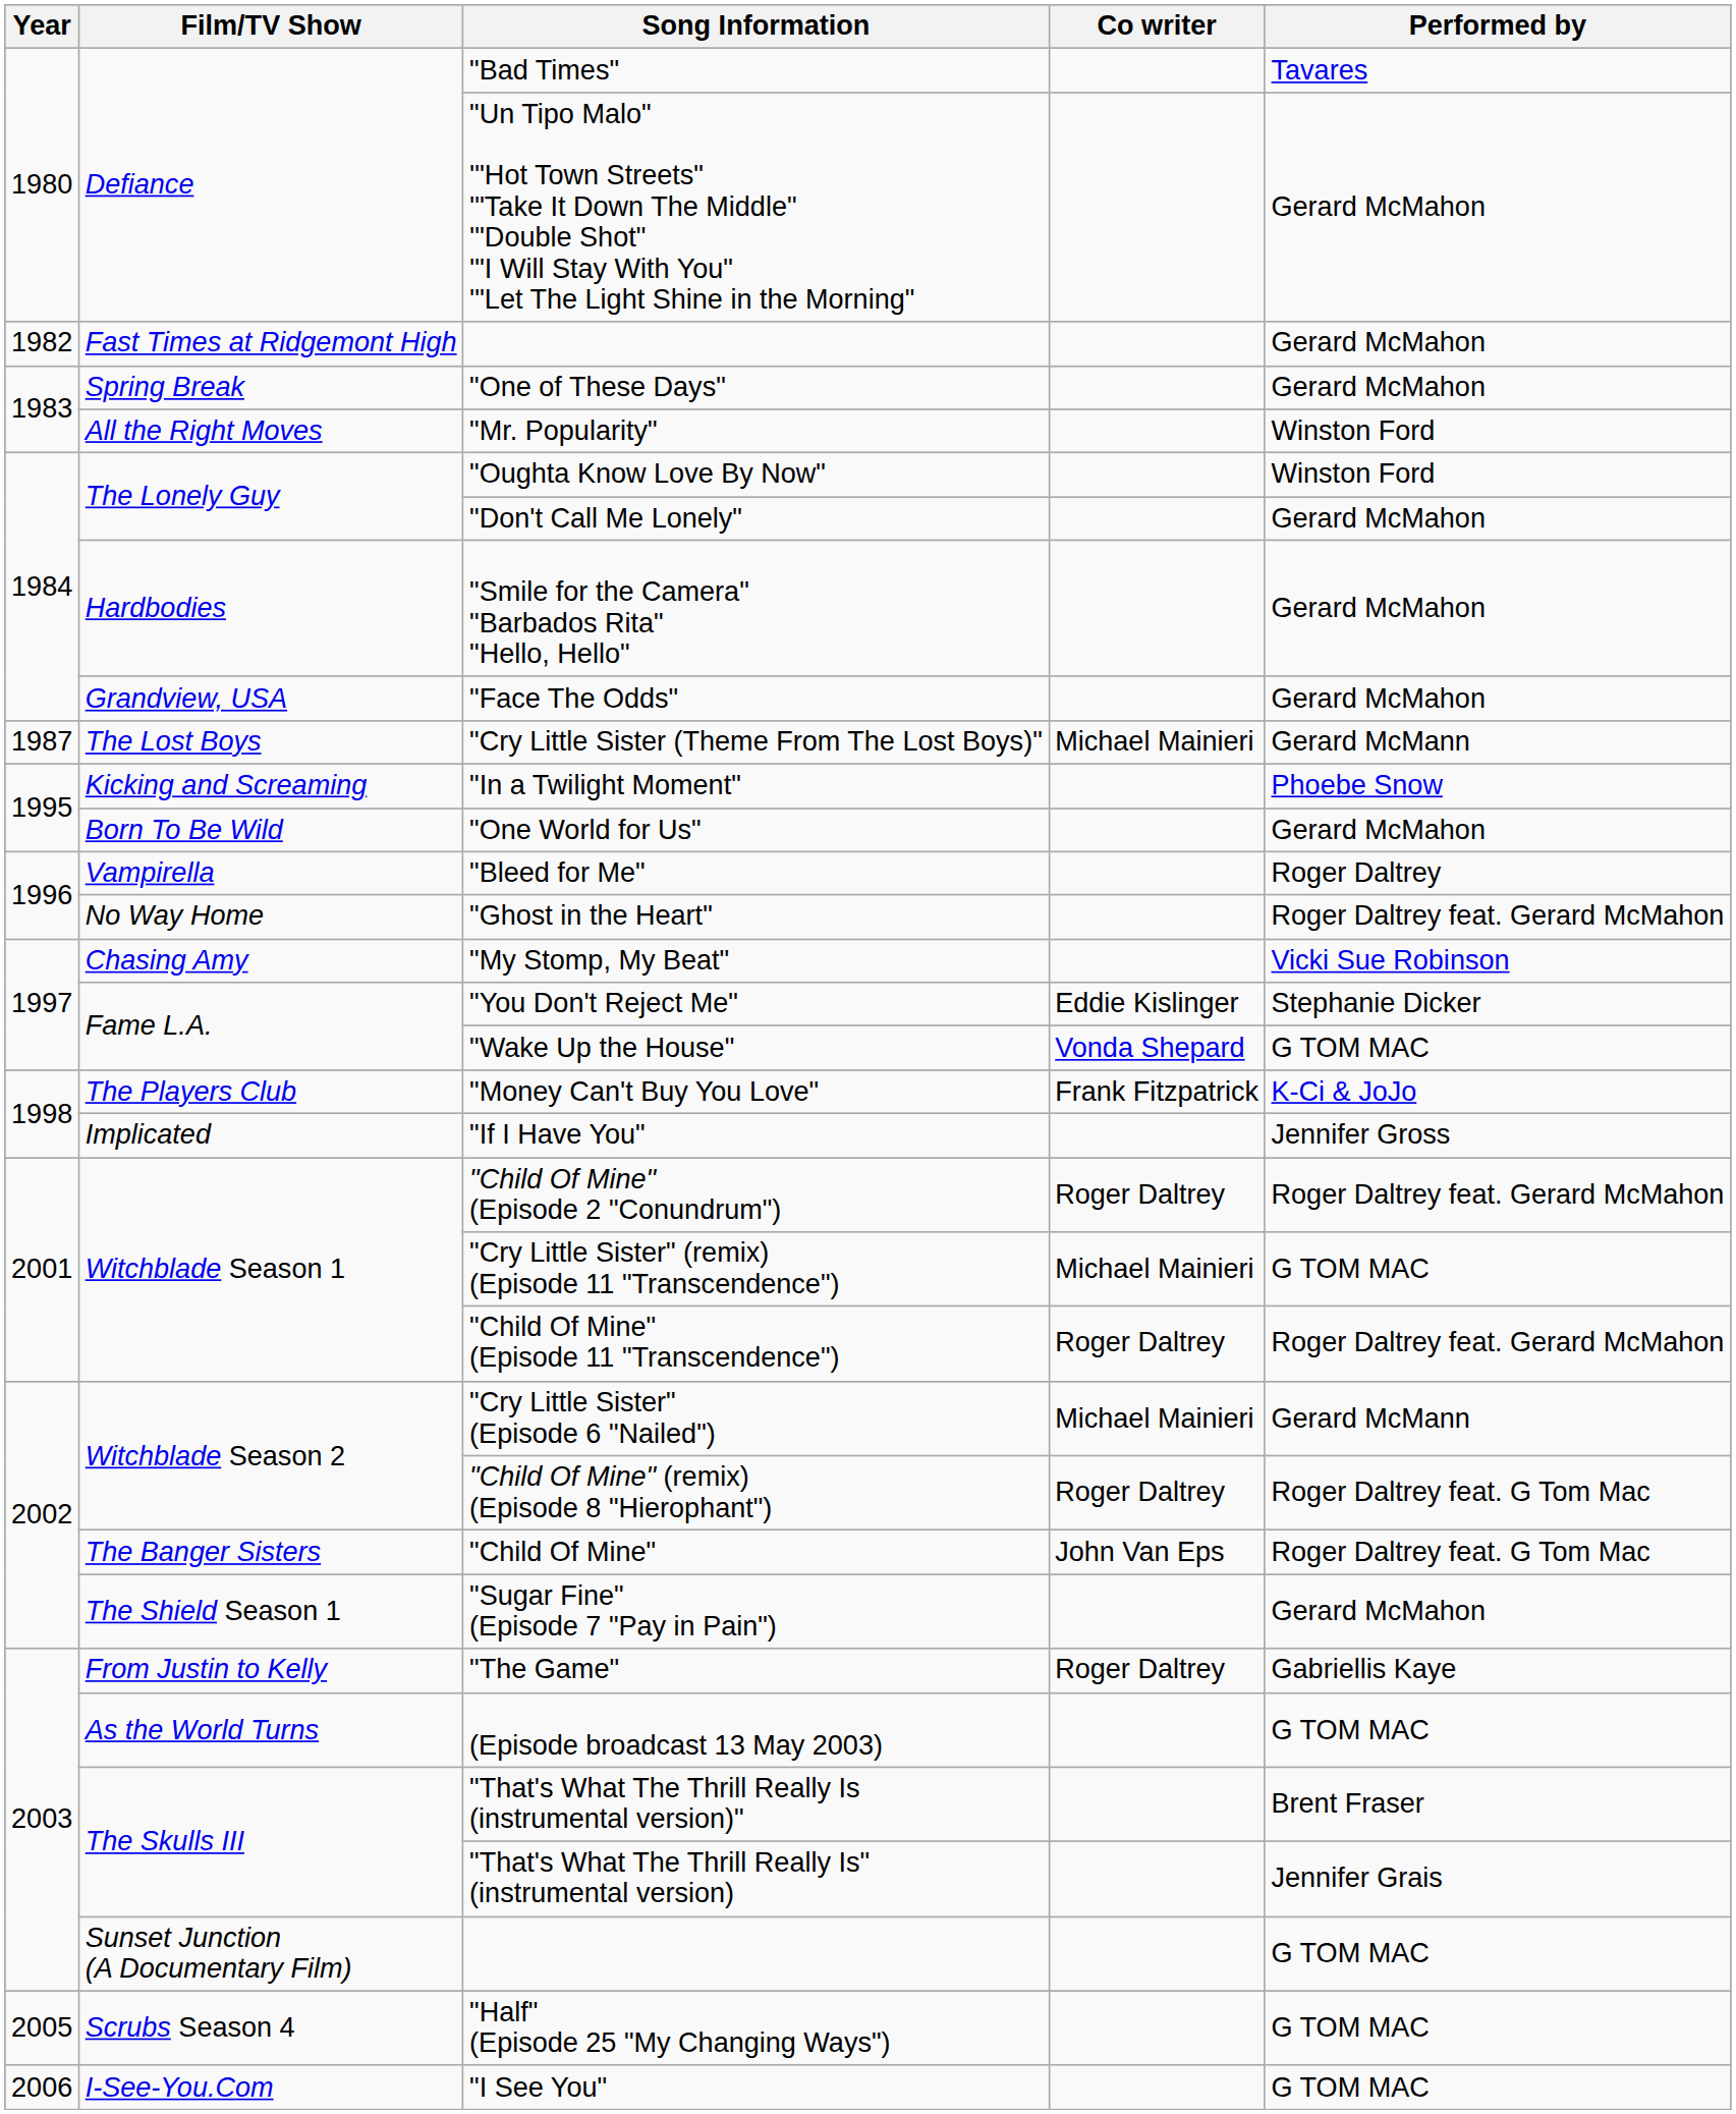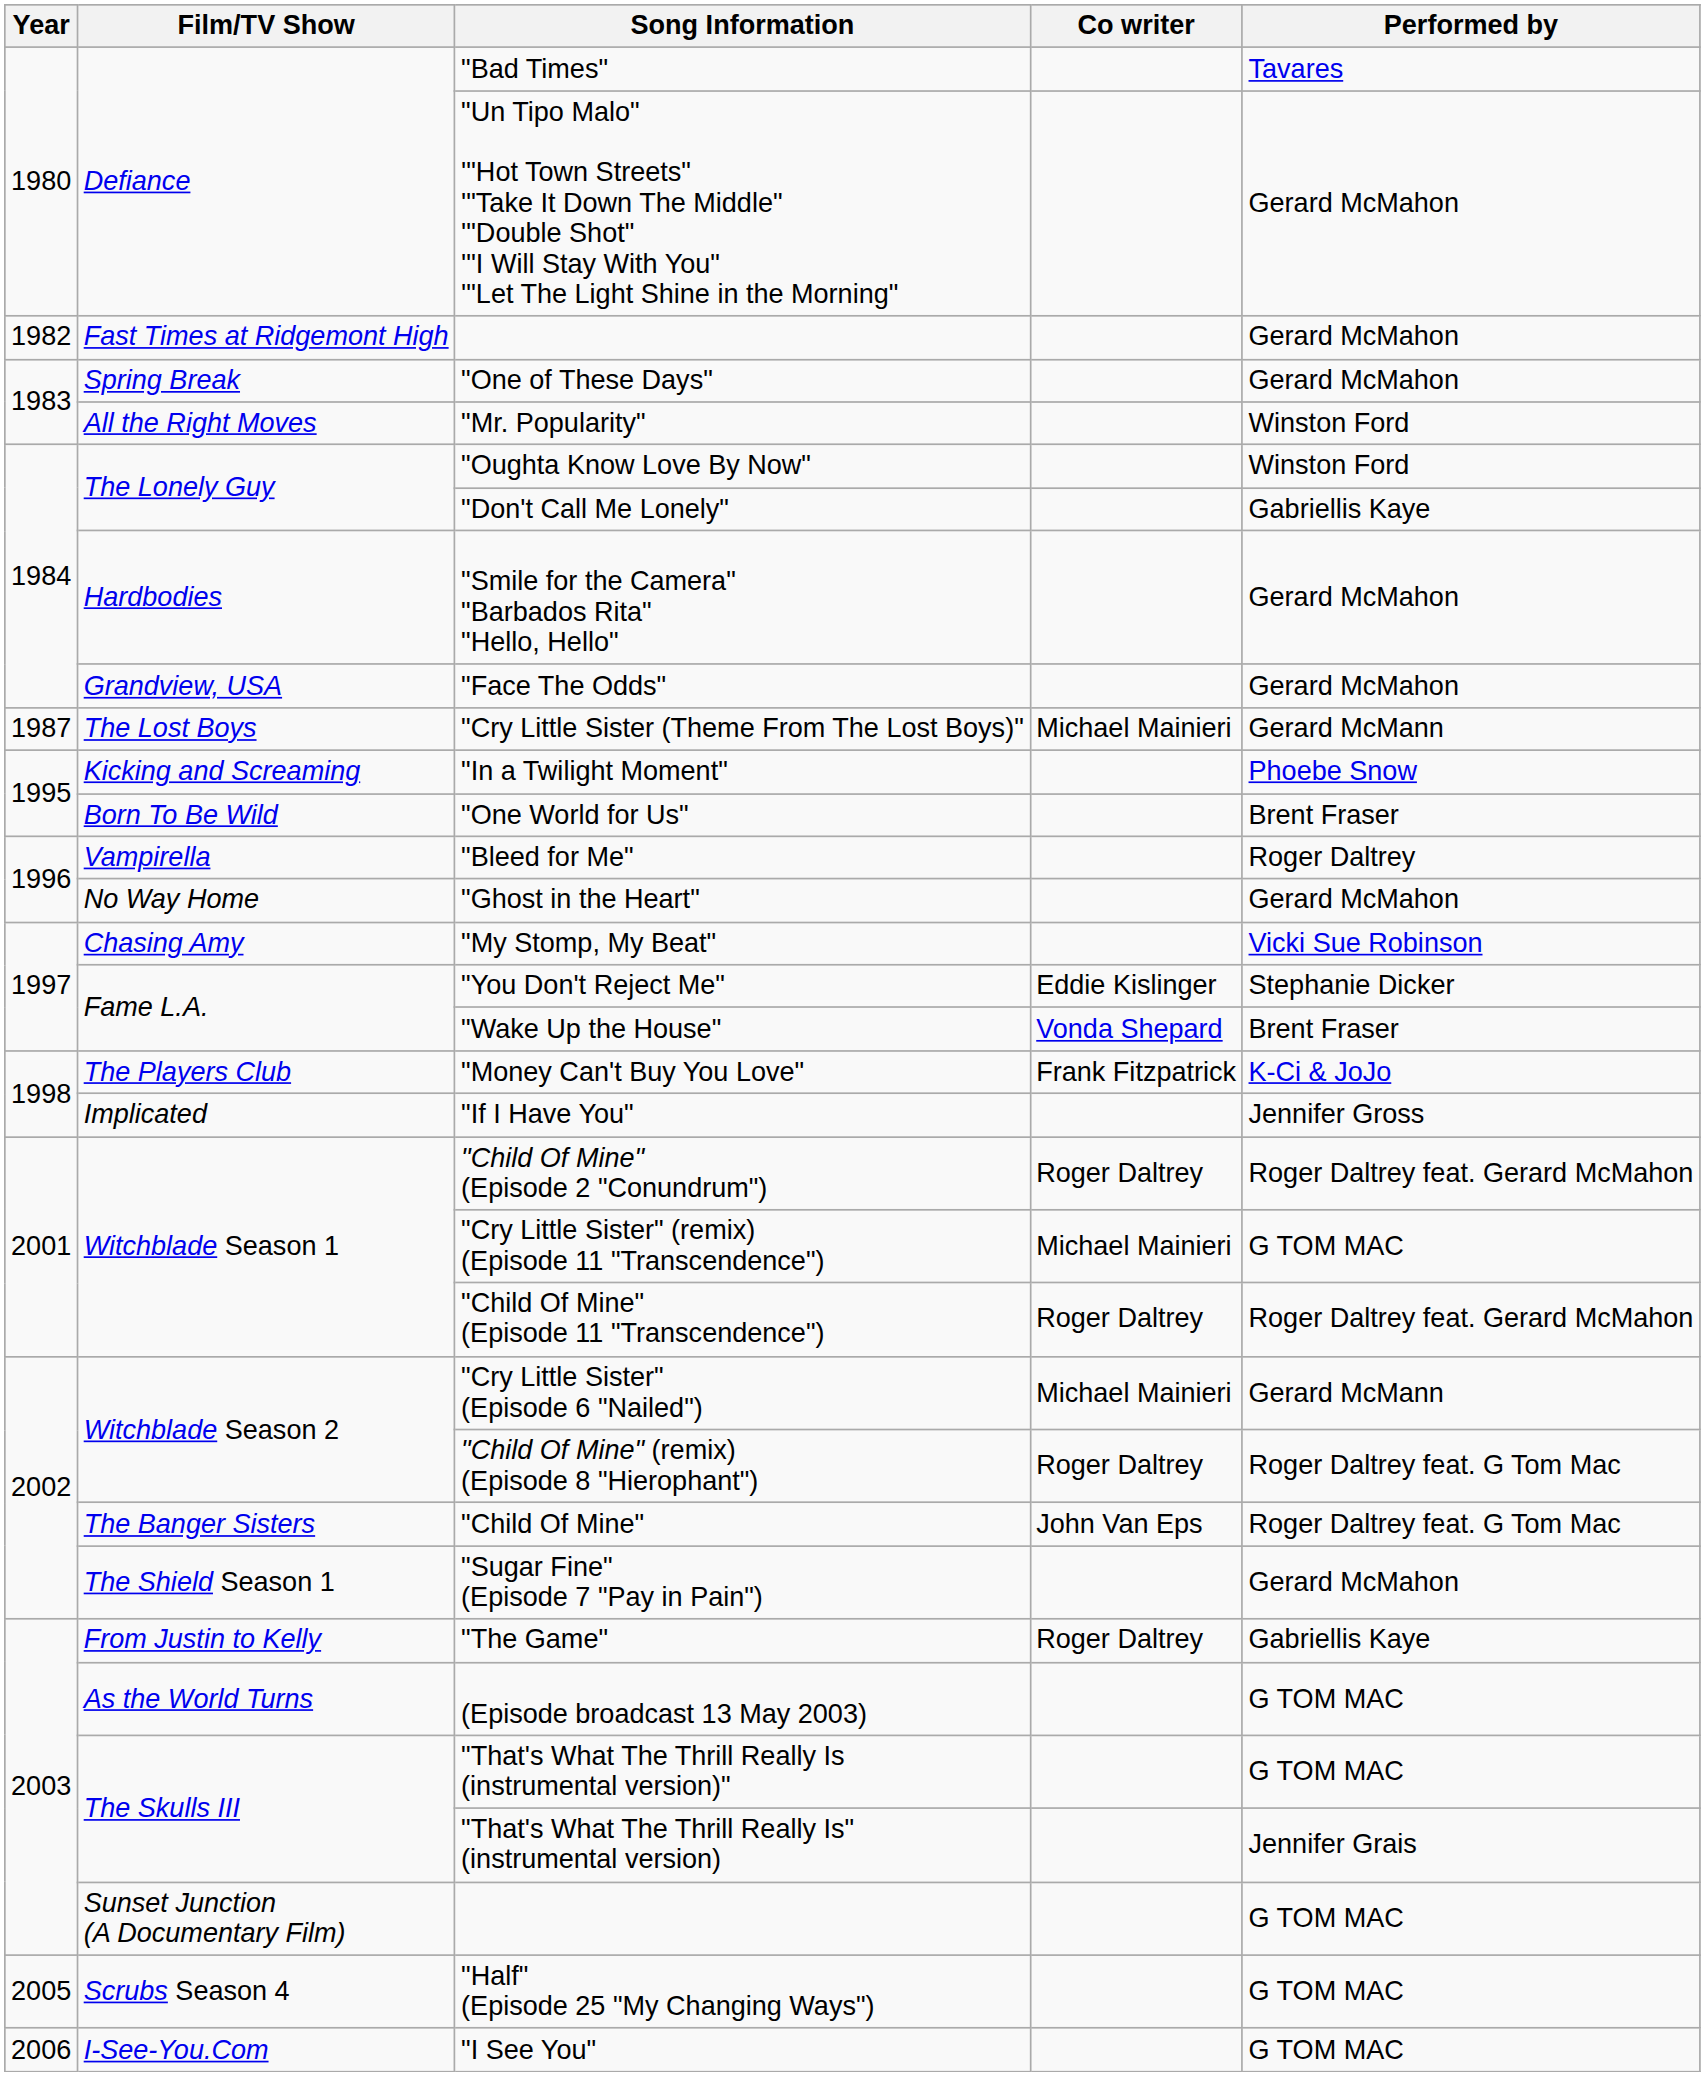 <table class="wikitable">
 <tr>
 <th rowspan="1">Year</th>
 <th rowspan="1">Film/TV Show</th>
 <th rowspan="1">Song Information</th>
 <th rowspan="1">Co writer</th>
 <th rowspan="1">Performed by</th>
 </tr>
 <tr>
 <td rowspan="2">1980</td>
 <td rowspan="2"><em><a href='#'>Defiance</a></em></td>
 <td>"Bad Times"</td>
 <td></td>
 <td><a href='#'>Tavares</a></td>
 </tr>
 <tr>
 <td>"Un Tipo Malo"<br><br>'"Hot Town Streets" <br>  '"Take It Down The Middle" <br>  '"Double Shot" <br>  '"I Will Stay With You"<br>   '"Let The Light Shine in the Morning"<br></td>
 <td></td>
 <td>Gerard McMahon</td>
 </tr>
 <tr>
 <td>1982</td>
 <td><em><a href='#'>Fast Times at Ridgemont High</a></em></td>
 <td></td>
 <td></td>
 <td>Gerard McMahon</td>
 </tr>
 <tr>
 <td rowspan="2">1983</td>
 <td><em><a href='#'>Spring Break</a></em></td>
 <td>"One of These Days"</td>
 <td></td>
 <td>Gerard McMahon</td>
 </tr>
 <tr>
 <td><em><a href='#'>All the Right Moves</a></em></td>
 <td>"Mr. Popularity"</td>
 <td></td>
 <td>Winston Ford</td>
 </tr>
 <tr>
 <td rowspan="4">1984</td>
 <td rowspan="2"><em><a href='#'>The Lonely Guy</a></em></td>
 <td>"Oughta Know Love By Now"</td>
 <td></td>
 <td>Winston Ford</td>
 </tr>
 <tr>
 <td>"Don't Call Me Lonely"</td>
 <td></td>
-<td>Gerard McMahon</td>
+<td>Gabriellis Kaye</td>
 </tr>
 <tr>
 <td><em><a href='#'>Hardbodies</a></em></td>
 <td><br>"Smile for the Camera"<br>  "Barbados Rita" <br>  "Hello, Hello"</td>
 <td></td>
 <td>Gerard McMahon</td>
 </tr>
 <tr>
 <td><em><a href='#'>Grandview, USA</a></em></td>
 <td>"Face The Odds"</td>
 <td></td>
 <td>Gerard McMahon</td>
 </tr>
 <tr>
 <td>1987</td>
 <td><em><a href='#'>The Lost Boys</a></em></td>
 <td>"Cry Little Sister (Theme From The Lost Boys)"</td>
 <td>Michael Mainieri</td>
 <td>Gerard McMann</td>
 </tr>
 <tr>
 <td rowspan="2">1995</td>
 <td><em><a href='#'>Kicking and Screaming</a></em></td>
 <td>"In a Twilight Moment"</td>
 <td></td>
 <td><a href='#'>Phoebe Snow</a></td>
 </tr>
 <tr>
 <td><em><a href='#'>Born To Be Wild</a></em></td>
 <td>"One World for Us"</td>
 <td></td>
-<td>Gerard McMahon</td>
+<td>Brent Fraser</td>
 </tr>
 <tr>
 <td rowspan="2">1996</td>
 <td><em><a href='#'>Vampirella</a></em></td>
 <td>"Bleed for Me"</td>
 <td></td>
 <td>Roger Daltrey</td>
 </tr>
 <tr>
 <td><em>No Way Home</em></td>
 <td>"Ghost in the Heart"</td>
 <td></td>
-<td>Roger Daltrey feat. Gerard McMahon</td>
+<td>Gerard McMahon</td>
 </tr>
 <tr>
 <td rowspan="3">1997</td>
 <td><em><a href='#'>Chasing Amy</a></em></td>
 <td>"My Stomp, My Beat"</td>
 <td></td>
 <td><a href='#'>Vicki Sue Robinson</a></td>
 </tr>
 <tr>
 <td rowspan="2"><em>Fame L.A.</em></td>
 <td>"You Don't Reject Me"</td>
 <td>Eddie Kislinger</td>
 <td>Stephanie Dicker</td>
 </tr>
 <tr>
 <td>"Wake Up the House"</td>
 <td><a href='#'>Vonda Shepard</a></td>
-<td>G TOM MAC</td>
+<td>Brent Fraser</td>
 </tr>
 <tr>
 <td rowspan="2">1998</td>
 <td><em><a href='#'>The Players Club</a></em></td>
 <td>"Money Can't Buy You Love"</td>
 <td>Frank Fitzpatrick</td>
 <td><a href='#'>K-Ci & JoJo</a></td>
 </tr>
 <tr>
 <td><em>Implicated</em></td>
 <td>"If I Have You"</td>
 <td></td>
 <td>Jennifer Gross</td>
 </tr>
 <tr>
 <td rowspan="3">2001</td>
 <td rowspan="3"><em><a href='#'>Witchblade</a></em> Season 1</td>
 <td><em>"Child Of Mine"</em><br>(Episode 2 "Conundrum")</td>
 <td>Roger Daltrey</td>
 <td>Roger Daltrey feat. Gerard McMahon</td>
 </tr>
 <tr>
 <td>"Cry Little Sister" (remix)<br>(Episode 11 "Transcendence")</td>
 <td>Michael Mainieri</td>
 <td>G TOM MAC</td>
 </tr>
 <tr>
 <td>"Child Of Mine"<br>(Episode 11 "Transcendence")</td>
 <td>Roger Daltrey</td>
 <td>Roger Daltrey feat. Gerard McMahon</td>
 </tr>
 <tr>
 <td rowspan="4">2002</td>
 <td rowspan="2"><em><a href='#'>Witchblade</a></em> Season 2</td>
 <td>"Cry Little Sister"<br>(Episode 6 "Nailed")</td>
 <td>Michael Mainieri</td>
 <td>Gerard McMann</td>
 </tr>
 <tr>
 <td><em>"Child Of Mine"</em> (remix)<br>(Episode 8 "Hierophant")</td>
 <td>Roger Daltrey</td>
 <td>Roger Daltrey feat. G Tom Mac</td>
 </tr>
 <tr>
 <td><em><a href='#'>The Banger Sisters</a></em></td>
 <td>"Child Of Mine"</td>
 <td>John Van Eps</td>
 <td>Roger Daltrey feat. G Tom Mac</td>
 </tr>
 <tr>
 <td><em><a href='#'>The Shield</a></em> Season 1</td>
 <td>"Sugar Fine"<br>(Episode 7 "Pay in Pain")</td>
 <td></td>
 <td>Gerard McMahon</td>
 </tr>
 <tr>
 <td rowspan="5">2003</td>
 <td><em><a href='#'>From Justin to Kelly</a></em></td>
 <td>"The Game"</td>
 <td>Roger Daltrey</td>
 <td>Gabriellis Kaye</td>
 </tr>
 <tr>
 <td><em><a href='#'>As the World Turns</a></em></td>
 <td><br> (Episode broadcast 13 May 2003)</td>
 <td></td>
 <td>G TOM MAC</td>
 </tr>
 <tr>
 <td rowspan="2"><em><a href='#'>The Skulls III</a></em></td>
 <td>"That's What The Thrill Really Is<br>(instrumental version)"</td>
 <td></td>
-<td>Brent Fraser</td>
+<td>G TOM MAC</td>
 </tr>
 <tr>
 <td>"That's What The Thrill Really Is"<br>(instrumental version)</td>
 <td></td>
 <td>Jennifer Grais</td>
 </tr>
 <tr>
 <td><em>Sunset Junction<br>(A Documentary Film)</em></td>
 <td></td>
 <td></td>
 <td>G TOM MAC</td>
 </tr>
 <tr>
 <td>2005</td>
 <td><em><a href='#'>Scrubs</a></em> Season 4</td>
 <td>"Half"<br>(Episode 25 "My Changing Ways")</td>
 <td></td>
 <td>G TOM MAC</td>
 </tr>
 <tr>
 <td>2006</td>
 <td><em><a href='#'>I-See-You.Com</a></em></td>
 <td>"I See You"</td>
 <td></td>
 <td>G TOM MAC</td>
 </tr>
 </table>
